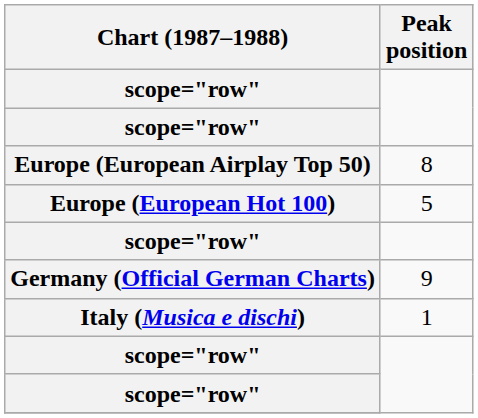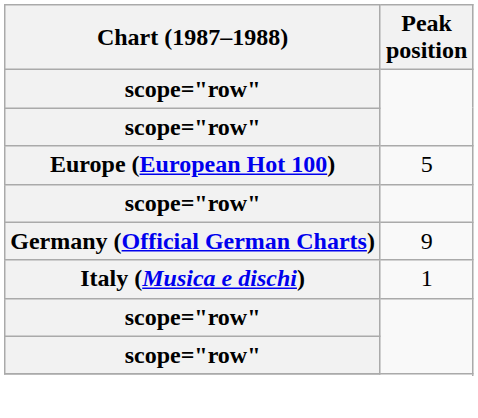 <table class="wikitable sortable plainrowheaders">
 <tr>
 <th>Chart (1987–1988)</th>
 <th>Peak<br>position</th>
 </tr>
 <tr>
 <th>scope="row"</th>
 </tr>
 <tr>
 <th>scope="row"</th>
-</tr>
-<tr>
-<th scope="row">Europe (European Airplay Top 50)</th>
-<td align="center">8</td>
 </tr>
 <tr>
 <th scope="row">Europe (<a href='#'>European Hot 100</a>)</th>
 <td align="center">5</td>
 </tr>
 <tr>
 <th>scope="row"</th>
 </tr>
 <tr>
 <th scope="row">Germany (<a href='#'>Official German Charts</a>)</th>
 <td align="center">9</td>
 </tr>
 <tr>
 <th scope="row">Italy (<em><a href='#'>Musica e dischi</a></em>)</th>
 <td align="center">1</td>
 </tr>
 <tr>
 <th>scope="row"</th>
 </tr>
 <tr>
 <th>scope="row"</th>
 </tr>
 <tr>
 </tr>
 </table>
